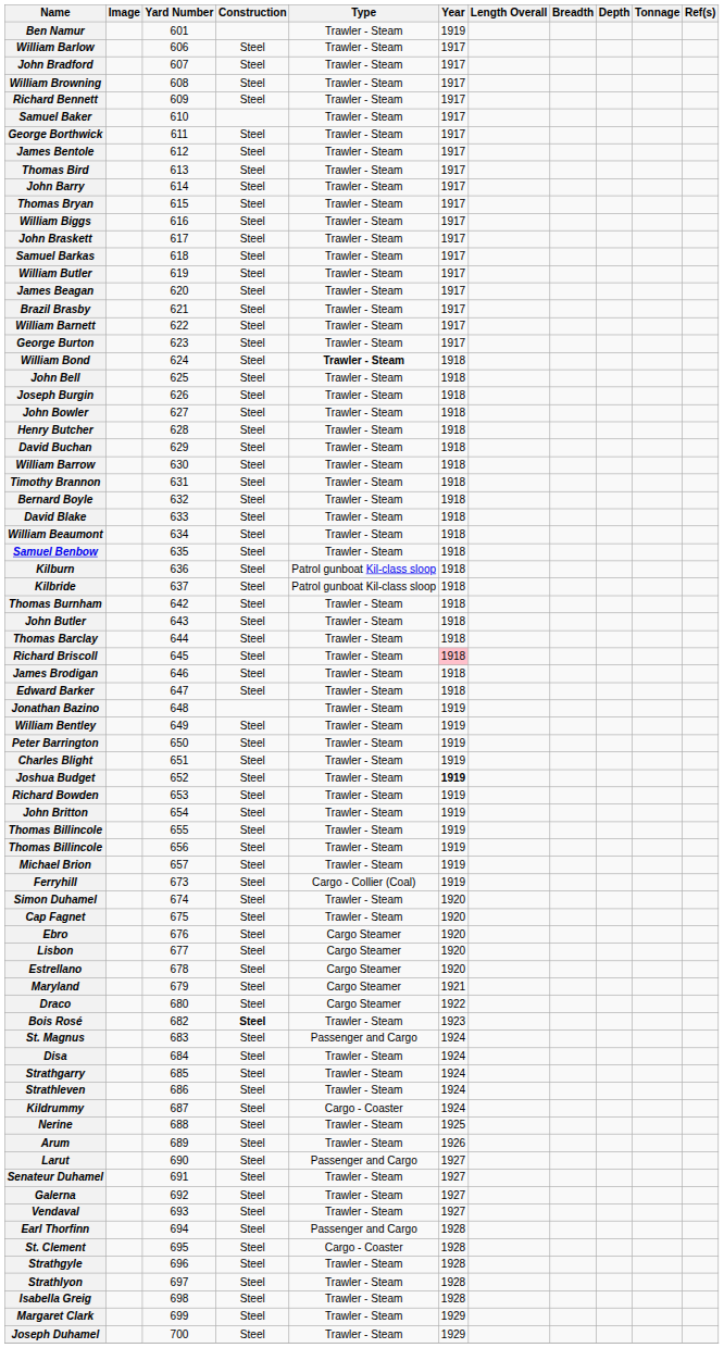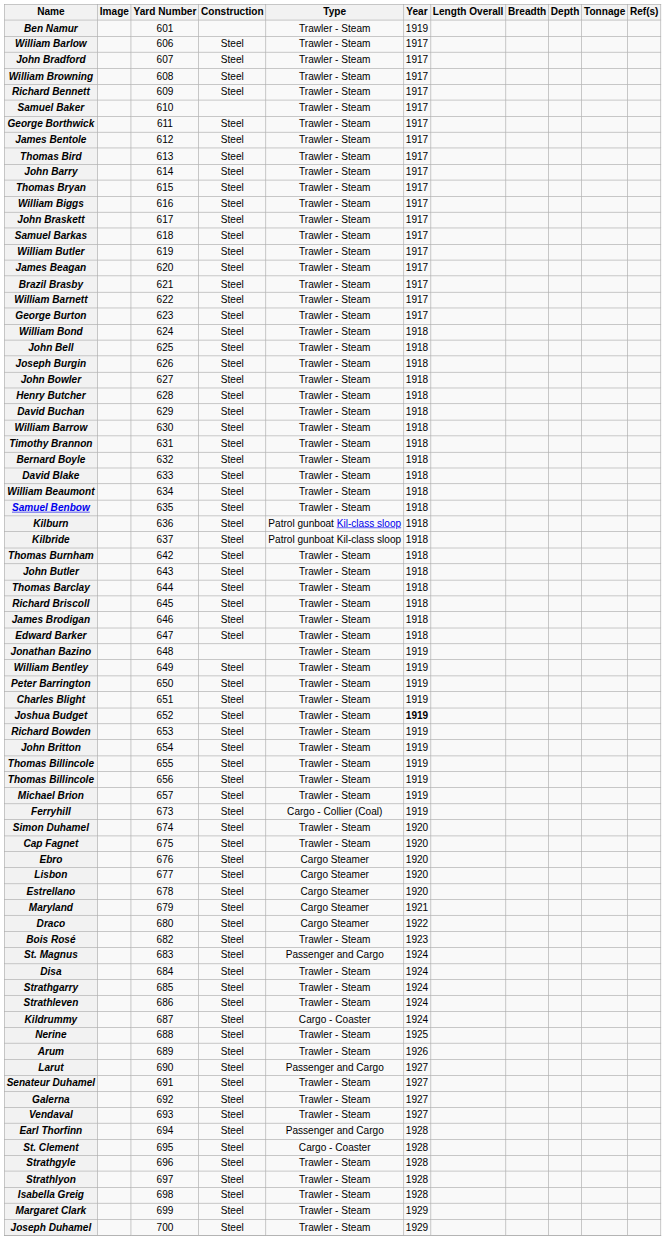 <table class="wikitable plainrowheaders sortable" style="text-align: center;">
 <tr>
 <th scope=col>Name</th>
 <th scope=col class=unsortable>Image</th>
 <th scope=col>Yard Number</th>
 <th scope=col>Construction</th>
 <th scope=col>Type</th>
 <th scope=col>Year</th>
 <th scope=col>Length Overall</th>
 <th scope=col>Breadth</th>
 <th scope=col>Depth</th>
 <th scope=col class=unsortable>Tonnage</th>
 <th scope=col class=unsortable>Ref(s)</th>
 </tr>
 <tr>
 <th scope=row><em>Ben Namur</em></th>
 <td></td>
 <td>601</td>
 <td></td>
 <td>Trawler - Steam</td>
 <td>1919</td>
 <td></td>
 <td></td>
 <td></td>
 <td></td>
 <td></td>
 </tr>
 <tr ->
 <th scope=row><em>William Barlow</em></th>
 <td></td>
 <td>606</td>
 <td>Steel</td>
 <td>Trawler - Steam</td>
 <td>1917</td>
 <td></td>
 <td></td>
 <td></td>
 <td></td>
 <td></td>
 </tr>
 <tr ->
 <th scope=row><em>John Bradford</em></th>
 <td></td>
 <td>607</td>
 <td>Steel</td>
 <td>Trawler - Steam</td>
 <td>1917</td>
 <td></td>
 <td></td>
 <td></td>
 <td></td>
 <td></td>
 </tr>
 <tr ->
 <th scope=row><em>William Browning</em></th>
 <td></td>
 <td>608</td>
 <td>Steel</td>
 <td>Trawler - Steam</td>
 <td>1917</td>
 <td></td>
 <td></td>
 <td></td>
 <td></td>
 <td></td>
 </tr>
 <tr ->
 <th scope=row><em>Richard Bennett</em></th>
 <td></td>
 <td>609</td>
 <td>Steel</td>
 <td>Trawler - Steam</td>
 <td>1917</td>
 <td></td>
 <td></td>
 <td></td>
 <td></td>
 <td></td>
 </tr>
 <tr ->
 <th scope=row><em>Samuel Baker</em></th>
 <td></td>
 <td>610</td>
 <td></td>
 <td>Trawler - Steam</td>
 <td>1917</td>
 <td></td>
 <td></td>
 <td></td>
 <td></td>
 <td></td>
 </tr>
 <tr ->
 <th scope=row><em>George Borthwick</em></th>
 <td></td>
 <td>611</td>
 <td>Steel</td>
 <td>Trawler - Steam</td>
 <td>1917</td>
 <td></td>
 <td></td>
 <td></td>
 <td></td>
 <td></td>
 </tr>
 <tr ->
 <th scope=row><em>James Bentole</em></th>
 <td></td>
 <td>612</td>
 <td>Steel</td>
 <td>Trawler - Steam</td>
 <td>1917</td>
 <td></td>
 <td></td>
 <td></td>
 <td></td>
 <td></td>
 </tr>
 <tr ->
 <th scope=row><em>Thomas Bird</em></th>
 <td></td>
 <td>613</td>
 <td>Steel</td>
 <td>Trawler - Steam</td>
 <td>1917</td>
 <td></td>
 <td></td>
 <td></td>
 <td></td>
 <td></td>
 </tr>
 <tr ->
 <th scope=row><em>John Barry</em></th>
 <td></td>
 <td>614</td>
 <td>Steel</td>
 <td>Trawler - Steam</td>
 <td>1917</td>
 <td></td>
 <td></td>
 <td></td>
 <td></td>
 <td></td>
 </tr>
 <tr ->
 <th scope=row><em>Thomas Bryan</em></th>
 <td></td>
 <td>615</td>
 <td>Steel</td>
 <td>Trawler - Steam</td>
 <td>1917</td>
 <td></td>
 <td></td>
 <td></td>
 <td></td>
 <td></td>
 </tr>
 <tr ->
 <th scope=row><em>William Biggs</em></th>
 <td></td>
 <td>616</td>
 <td>Steel</td>
 <td>Trawler - Steam</td>
 <td>1917</td>
 <td></td>
 <td></td>
 <td></td>
 <td></td>
 <td></td>
 </tr>
 <tr ->
 <th scope=row><em>John Braskett</em></th>
 <td></td>
 <td>617</td>
 <td>Steel</td>
 <td>Trawler - Steam</td>
 <td>1917</td>
 <td></td>
 <td></td>
 <td></td>
 <td></td>
 <td></td>
 </tr>
 <tr ->
 <th scope=row><em>Samuel Barkas</em></th>
 <td></td>
 <td>618</td>
 <td>Steel</td>
 <td>Trawler - Steam</td>
 <td>1917</td>
 <td></td>
 <td></td>
 <td></td>
 <td></td>
 <td></td>
 </tr>
 <tr ->
 <th scope=row><em>William Butler</em></th>
 <td></td>
 <td>619</td>
 <td>Steel</td>
 <td>Trawler - Steam</td>
 <td>1917</td>
 <td></td>
 <td></td>
 <td></td>
 <td></td>
 <td></td>
 </tr>
 <tr ->
 <th scope=row><em>James Beagan</em></th>
 <td></td>
 <td>620</td>
 <td>Steel</td>
 <td>Trawler - Steam</td>
 <td>1917</td>
 <td></td>
 <td></td>
 <td></td>
 <td></td>
 <td></td>
 </tr>
 <tr ->
 <th scope=row><em>Brazil Brasby</em></th>
 <td></td>
 <td>621</td>
 <td>Steel</td>
 <td>Trawler - Steam</td>
 <td>1917</td>
 <td></td>
 <td></td>
 <td></td>
 <td></td>
 <td></td>
 </tr>
 <tr ->
 <th scope=row><em>William Barnett</em></th>
 <td></td>
 <td>622</td>
 <td>Steel</td>
 <td>Trawler - Steam</td>
 <td>1917</td>
 <td></td>
 <td></td>
 <td></td>
 <td></td>
 <td></td>
 </tr>
 <tr ->
 <th scope=row><em>George Burton</em></th>
 <td></td>
 <td>623</td>
 <td>Steel</td>
 <td>Trawler - Steam</td>
 <td>1917</td>
 <td></td>
 <td></td>
 <td></td>
 <td></td>
 <td></td>
 </tr>
 <tr ->
 <th scope=row><em>William Bond</em></th>
 <td></td>
 <td>624</td>
 <td>Steel</td>
-<td><strong>Trawler - Steam</strong></td>
+<td>Trawler - Steam</td>
 <td>1918</td>
 <td></td>
 <td></td>
 <td></td>
 <td></td>
 <td></td>
 </tr>
 <tr ->
 <th scope=row><em>John Bell</em></th>
 <td></td>
 <td>625</td>
 <td>Steel</td>
 <td>Trawler - Steam</td>
 <td>1918</td>
 <td></td>
 <td></td>
 <td></td>
 <td></td>
 <td></td>
 </tr>
 <tr ->
 <th scope=row><em>Joseph Burgin</em></th>
 <td></td>
 <td>626</td>
 <td>Steel</td>
 <td>Trawler - Steam</td>
 <td>1918</td>
 <td></td>
 <td></td>
 <td></td>
 <td></td>
 <td></td>
 </tr>
 <tr ->
 <th scope=row><em>John Bowler</em></th>
 <td></td>
 <td>627</td>
 <td>Steel</td>
 <td>Trawler - Steam</td>
 <td>1918</td>
 <td></td>
 <td></td>
 <td></td>
 <td></td>
 <td></td>
 </tr>
 <tr ->
 <th scope=row><em>Henry Butcher</em></th>
 <td></td>
 <td>628</td>
 <td>Steel</td>
 <td>Trawler - Steam</td>
 <td>1918</td>
 <td></td>
 <td></td>
 <td></td>
 <td></td>
 <td></td>
 </tr>
 <tr ->
 <th scope=row><em>David Buchan</em></th>
 <td></td>
 <td>629</td>
 <td>Steel</td>
 <td>Trawler - Steam</td>
 <td>1918</td>
 <td></td>
 <td></td>
 <td></td>
 <td></td>
 <td></td>
 </tr>
 <tr ->
 <th scope=row><em>William Barrow</em></th>
 <td></td>
 <td>630</td>
 <td>Steel</td>
 <td>Trawler - Steam</td>
 <td>1918</td>
 <td></td>
 <td></td>
 <td></td>
 <td></td>
 <td></td>
 </tr>
 <tr ->
 <th scope=row><em>Timothy Brannon</em></th>
 <td></td>
 <td>631</td>
 <td>Steel</td>
 <td>Trawler - Steam</td>
 <td>1918</td>
 <td></td>
 <td></td>
 <td></td>
 <td></td>
 <td></td>
 </tr>
 <tr ->
 <th scope=row><em>Bernard Boyle</em></th>
 <td></td>
 <td>632</td>
 <td>Steel</td>
 <td>Trawler - Steam</td>
 <td>1918</td>
 <td></td>
 <td></td>
 <td></td>
 <td></td>
 <td></td>
 </tr>
 <tr ->
 <th scope=row><em>David Blake</em></th>
 <td></td>
 <td>633</td>
 <td>Steel</td>
 <td>Trawler - Steam</td>
 <td>1918</td>
 <td></td>
 <td></td>
 <td></td>
 <td></td>
 <td></td>
 </tr>
 <tr ->
 <th scope=row><em>William Beaumont</em></th>
 <td></td>
 <td>634</td>
 <td>Steel</td>
 <td>Trawler - Steam</td>
 <td>1918</td>
 <td></td>
 <td></td>
 <td></td>
 <td></td>
 <td></td>
 </tr>
 <tr ->
 <th scope=row><em><a href='#'>Samuel Benbow</a></em></th>
 <td></td>
 <td>635</td>
 <td>Steel</td>
 <td>Trawler - Steam</td>
 <td>1918</td>
 <td></td>
 <td></td>
 <td></td>
 <td></td>
 <td></td>
 </tr>
 <tr ->
 <th scope=row><em>Kilburn</em></th>
 <td></td>
 <td>636</td>
 <td>Steel</td>
 <td>Patrol gunboat <a href='#'>Kil-class&nbsp;sloop</a></td>
 <td>1918</td>
 <td></td>
 <td></td>
 <td></td>
 <td></td>
 <td></td>
 </tr>
 <tr ->
 <th scope=row><em>Kilbride</em></th>
 <td></td>
 <td>637</td>
 <td>Steel</td>
 <td>Patrol gunboat Kil-class sloop</td>
 <td>1918</td>
 <td></td>
 <td></td>
 <td></td>
 <td></td>
 <td></td>
 </tr>
 <tr ->
 <th scope=row><em>Thomas Burnham</em></th>
 <td></td>
 <td>642</td>
 <td>Steel</td>
 <td>Trawler - Steam</td>
 <td>1918</td>
 <td></td>
 <td></td>
 <td></td>
 <td></td>
 <td></td>
 </tr>
 <tr ->
 <th scope=row><em>John Butler</em></th>
 <td></td>
 <td>643</td>
 <td>Steel</td>
 <td>Trawler - Steam</td>
 <td>1918</td>
 <td></td>
 <td></td>
 <td></td>
 <td></td>
 <td></td>
 </tr>
 <tr ->
 <th scope=row><em>Thomas Barclay</em></th>
 <td></td>
 <td>644</td>
 <td>Steel</td>
 <td>Trawler - Steam</td>
 <td>1918</td>
 <td></td>
 <td></td>
 <td></td>
 <td></td>
 <td></td>
 </tr>
 <tr ->
 <th scope=row><em>Richard Briscoll</em></th>
 <td></td>
 <td>645</td>
 <td>Steel</td>
 <td>Trawler - Steam</td>
-<td style="background: pink;">1918</td>
+<td>1918</td>
 <td></td>
 <td></td>
 <td></td>
 <td></td>
 <td></td>
 </tr>
 <tr ->
 <th scope=row><em>James Brodigan</em></th>
 <td></td>
 <td>646</td>
 <td>Steel</td>
 <td>Trawler - Steam</td>
 <td>1918</td>
 <td></td>
 <td></td>
 <td></td>
 <td></td>
 <td></td>
 </tr>
 <tr ->
 <th scope=row><em>Edward Barker</em></th>
 <td></td>
 <td>647</td>
 <td>Steel</td>
 <td>Trawler - Steam</td>
 <td>1918</td>
 <td></td>
 <td></td>
 <td></td>
 <td></td>
 <td></td>
 </tr>
 <tr ->
 <th scope=row><em>Jonathan Bazino</em></th>
 <td></td>
 <td>648</td>
 <td></td>
 <td>Trawler - Steam</td>
 <td>1919</td>
 <td></td>
 <td></td>
 <td></td>
 <td></td>
 <td></td>
 </tr>
 <tr ->
 <th scope=row><em>William Bentley</em></th>
 <td></td>
 <td>649</td>
 <td>Steel</td>
 <td>Trawler - Steam</td>
 <td>1919</td>
 <td></td>
 <td></td>
 <td></td>
 <td></td>
 <td></td>
 </tr>
 <tr ->
 <th scope=row><em>Peter Barrington</em></th>
 <td></td>
 <td>650</td>
 <td>Steel</td>
 <td>Trawler - Steam</td>
 <td>1919</td>
 <td></td>
 <td></td>
 <td></td>
 <td></td>
 <td></td>
 </tr>
 <tr ->
 <th scope=row><em>Charles Blight</em></th>
 <td></td>
 <td>651</td>
 <td>Steel</td>
 <td>Trawler - Steam</td>
 <td>1919</td>
 <td></td>
 <td></td>
 <td></td>
 <td></td>
 <td></td>
 </tr>
 <tr ->
 <th scope=row><em>Joshua Budget</em></th>
 <td></td>
 <td>652</td>
 <td>Steel</td>
 <td>Trawler - Steam</td>
 <td><strong>1919</strong></td>
 <td></td>
 <td></td>
 <td></td>
 <td></td>
 <td></td>
 </tr>
 <tr ->
 <th scope=row><em>Richard Bowden</em></th>
 <td></td>
 <td>653</td>
 <td>Steel</td>
 <td>Trawler - Steam</td>
 <td>1919</td>
 <td></td>
 <td></td>
 <td></td>
 <td></td>
 <td></td>
 </tr>
 <tr ->
 <th scope=row><em>John Britton</em></th>
 <td></td>
 <td>654</td>
 <td>Steel</td>
 <td>Trawler - Steam</td>
 <td>1919</td>
 <td></td>
 <td></td>
 <td></td>
 <td></td>
 <td></td>
 </tr>
 <tr ->
 <th scope=row><em>Thomas Billincole</em></th>
 <td></td>
 <td>655</td>
 <td>Steel</td>
 <td>Trawler - Steam</td>
 <td>1919</td>
 <td></td>
 <td></td>
 <td></td>
 <td></td>
 <td></td>
 </tr>
 <tr ->
 <th scope=row><em>Thomas Billincole</em></th>
 <td></td>
 <td>656</td>
 <td>Steel</td>
 <td>Trawler - Steam</td>
 <td>1919</td>
 <td></td>
 <td></td>
 <td></td>
 <td></td>
 <td></td>
 </tr>
 <tr ->
 <th scope=row><em>Michael Brion</em></th>
 <td></td>
 <td>657</td>
 <td>Steel</td>
 <td>Trawler - Steam</td>
 <td>1919</td>
 <td></td>
 <td></td>
 <td></td>
 <td></td>
 <td></td>
 </tr>
 <tr ->
 <th scope=row><em>Ferryhill</em></th>
 <td></td>
 <td>673</td>
 <td>Steel</td>
 <td>Cargo - Collier (Coal)</td>
 <td>1919</td>
 <td></td>
 <td></td>
 <td></td>
 <td></td>
 <td></td>
 </tr>
 <tr ->
 <th scope=row><em>Simon Duhamel</em></th>
 <td></td>
 <td>674</td>
 <td>Steel</td>
 <td>Trawler - Steam</td>
 <td>1920</td>
 <td></td>
 <td></td>
 <td></td>
 <td></td>
 <td></td>
 </tr>
 <tr ->
 <th scope=row><em>Cap Fagnet</em></th>
 <td></td>
 <td>675</td>
 <td>Steel</td>
 <td>Trawler - Steam</td>
 <td>1920</td>
 <td></td>
 <td></td>
 <td></td>
 <td></td>
 <td></td>
 </tr>
 <tr ->
 <th scope=row><em>Ebro</em></th>
 <td></td>
 <td>676</td>
 <td>Steel</td>
 <td>Cargo Steamer</td>
 <td>1920</td>
 <td></td>
 <td></td>
 <td></td>
 <td></td>
 <td></td>
 </tr>
 <tr ->
 <th scope=row><em>Lisbon</em></th>
 <td></td>
 <td>677</td>
 <td>Steel</td>
 <td>Cargo Steamer</td>
 <td>1920</td>
 <td></td>
 <td></td>
 <td></td>
 <td></td>
 <td></td>
 </tr>
 <tr ->
 <th scope=row><em>Estrellano</em></th>
 <td></td>
 <td>678</td>
 <td>Steel</td>
 <td>Cargo Steamer</td>
 <td>1920</td>
 <td></td>
 <td></td>
 <td></td>
 <td></td>
 <td></td>
 </tr>
 <tr ->
 <th scope=row><em>Maryland</em></th>
 <td></td>
 <td>679</td>
 <td>Steel</td>
 <td>Cargo Steamer</td>
 <td>1921</td>
 <td></td>
 <td></td>
 <td></td>
 <td></td>
 <td></td>
 </tr>
 <tr ->
 <th scope=row><em>Draco</em></th>
 <td></td>
 <td>680</td>
 <td>Steel</td>
 <td>Cargo Steamer</td>
 <td>1922</td>
 <td></td>
 <td></td>
 <td></td>
 <td></td>
 <td></td>
 </tr>
 <tr ->
 <th scope=row><em>Bois Rosé</em></th>
 <td></td>
 <td>682</td>
-<td><strong>Steel</strong></td>
+<td>Steel</td>
 <td>Trawler - Steam</td>
 <td>1923</td>
 <td></td>
 <td></td>
 <td></td>
 <td></td>
 <td></td>
 </tr>
 <tr ->
 <th scope=row><em>St. Magnus</em></th>
 <td></td>
 <td>683</td>
 <td>Steel</td>
 <td>Passenger and Cargo</td>
 <td>1924</td>
 <td></td>
 <td></td>
 <td></td>
 <td></td>
 <td></td>
 </tr>
 <tr ->
 <th scope=row><em>Disa</em></th>
 <td></td>
 <td>684</td>
 <td>Steel</td>
 <td>Trawler - Steam</td>
 <td>1924</td>
 <td></td>
 <td></td>
 <td></td>
 <td></td>
 <td></td>
 </tr>
 <tr ->
 <th scope=row><em>Strathgarry</em></th>
 <td></td>
 <td>685</td>
 <td>Steel</td>
 <td>Trawler - Steam</td>
 <td>1924</td>
 <td></td>
 <td></td>
 <td></td>
 <td></td>
 <td></td>
 </tr>
 <tr ->
 <th scope=row><em>Strathleven</em></th>
 <td></td>
 <td>686</td>
 <td>Steel</td>
 <td>Trawler - Steam</td>
 <td>1924</td>
 <td></td>
 <td></td>
 <td></td>
 <td></td>
 <td></td>
 </tr>
 <tr ->
 <th scope=row><em>Kildrummy</em></th>
 <td></td>
 <td>687</td>
 <td>Steel</td>
 <td>Cargo - Coaster</td>
 <td>1924</td>
 <td></td>
 <td></td>
 <td></td>
 <td></td>
 <td></td>
 </tr>
 <tr ->
 <th scope=row><em>Nerine</em></th>
 <td></td>
 <td>688</td>
 <td>Steel</td>
 <td>Trawler - Steam</td>
 <td>1925</td>
 <td></td>
 <td></td>
 <td></td>
 <td></td>
 <td></td>
 </tr>
 <tr ->
 <th scope=row><em>Arum</em></th>
 <td></td>
 <td>689</td>
 <td>Steel</td>
 <td>Trawler - Steam</td>
 <td>1926</td>
 <td></td>
 <td></td>
 <td></td>
 <td></td>
 <td></td>
 </tr>
 <tr ->
 <th scope=row><em>Larut</em></th>
 <td></td>
 <td>690</td>
 <td>Steel</td>
 <td>Passenger and Cargo</td>
 <td>1927</td>
 <td></td>
 <td></td>
 <td></td>
 <td></td>
 <td></td>
 </tr>
 <tr ->
 <th scope=row><em>Senateur Duhamel</em></th>
 <td></td>
 <td>691</td>
 <td>Steel</td>
 <td>Trawler - Steam</td>
 <td>1927</td>
 <td></td>
 <td></td>
 <td></td>
 <td></td>
 <td></td>
 </tr>
 <tr ->
 <th scope=row><em>Galerna</em></th>
 <td></td>
 <td>692</td>
 <td>Steel</td>
 <td>Trawler - Steam</td>
 <td>1927</td>
 <td></td>
 <td></td>
 <td></td>
 <td></td>
 <td></td>
 </tr>
 <tr ->
 <th scope=row><em>Vendaval</em></th>
 <td></td>
 <td>693</td>
 <td>Steel</td>
 <td>Trawler - Steam</td>
 <td>1927</td>
 <td></td>
 <td></td>
 <td></td>
 <td></td>
 <td></td>
 </tr>
 <tr ->
 <th scope=row><em>Earl Thorfinn</em></th>
 <td></td>
 <td>694</td>
 <td>Steel</td>
 <td>Passenger and Cargo</td>
 <td>1928</td>
 <td></td>
 <td></td>
 <td></td>
 <td></td>
 <td></td>
 </tr>
 <tr ->
 <th scope=row><em>St. Clement</em></th>
 <td></td>
 <td>695</td>
 <td>Steel</td>
 <td>Cargo - Coaster</td>
 <td>1928</td>
 <td></td>
 <td></td>
 <td></td>
 <td></td>
 <td></td>
 </tr>
 <tr ->
 <th scope=row><em>Strathgyle</em></th>
 <td></td>
 <td>696</td>
 <td>Steel</td>
 <td>Trawler - Steam</td>
 <td>1928</td>
 <td></td>
 <td></td>
 <td></td>
 <td></td>
 <td></td>
 </tr>
 <tr ->
 <th scope=row><em>Strathlyon</em></th>
 <td></td>
 <td>697</td>
 <td>Steel</td>
 <td>Trawler - Steam</td>
 <td>1928</td>
 <td></td>
 <td></td>
 <td></td>
 <td></td>
 <td></td>
 </tr>
 <tr ->
 <th scope=row><em>Isabella Greig</em></th>
 <td></td>
 <td>698</td>
 <td>Steel</td>
 <td>Trawler - Steam</td>
 <td>1928</td>
 <td></td>
 <td></td>
 <td></td>
 <td></td>
 <td></td>
 </tr>
 <tr ->
 <th scope=row><em>Margaret Clark</em></th>
 <td></td>
 <td>699</td>
 <td>Steel</td>
 <td>Trawler - Steam</td>
 <td>1929</td>
 <td></td>
 <td></td>
 <td></td>
 <td></td>
 <td></td>
 </tr>
 <tr ->
 <th scope=row><em>Joseph Duhamel</em></th>
 <td></td>
 <td>700</td>
 <td>Steel</td>
 <td>Trawler - Steam</td>
 <td>1929</td>
 <td></td>
 <td></td>
 <td></td>
 <td></td>
 <td></td>
 </tr>
 <tr ->
 </tr>
 <tr>
 </tr>
 </table>
